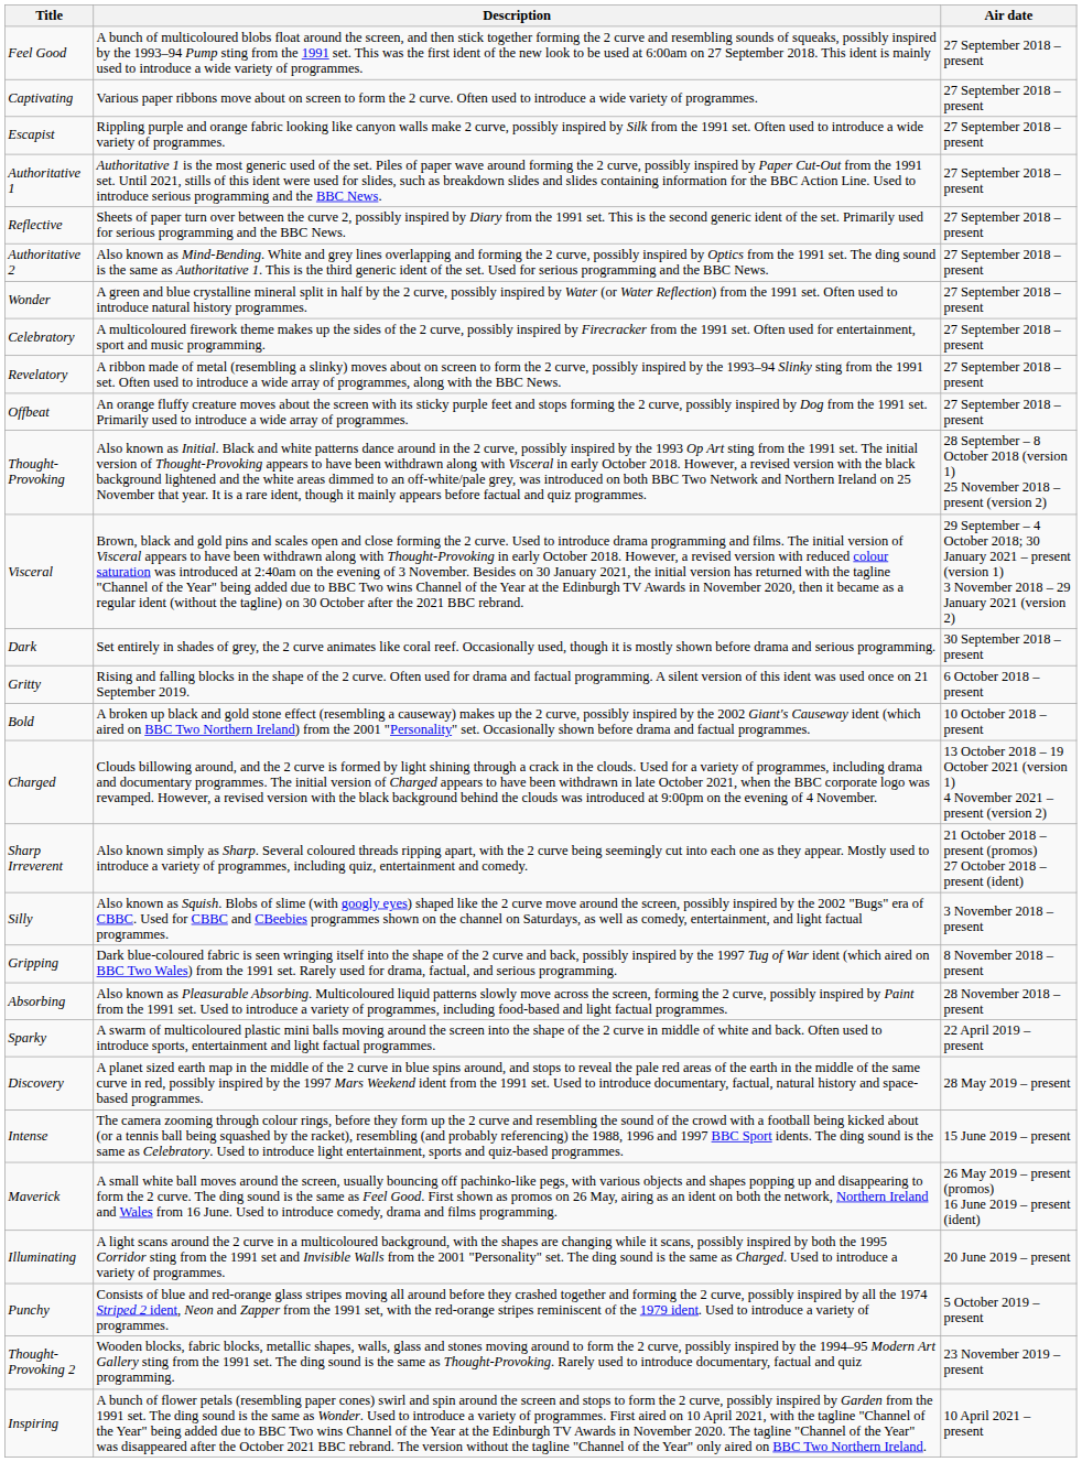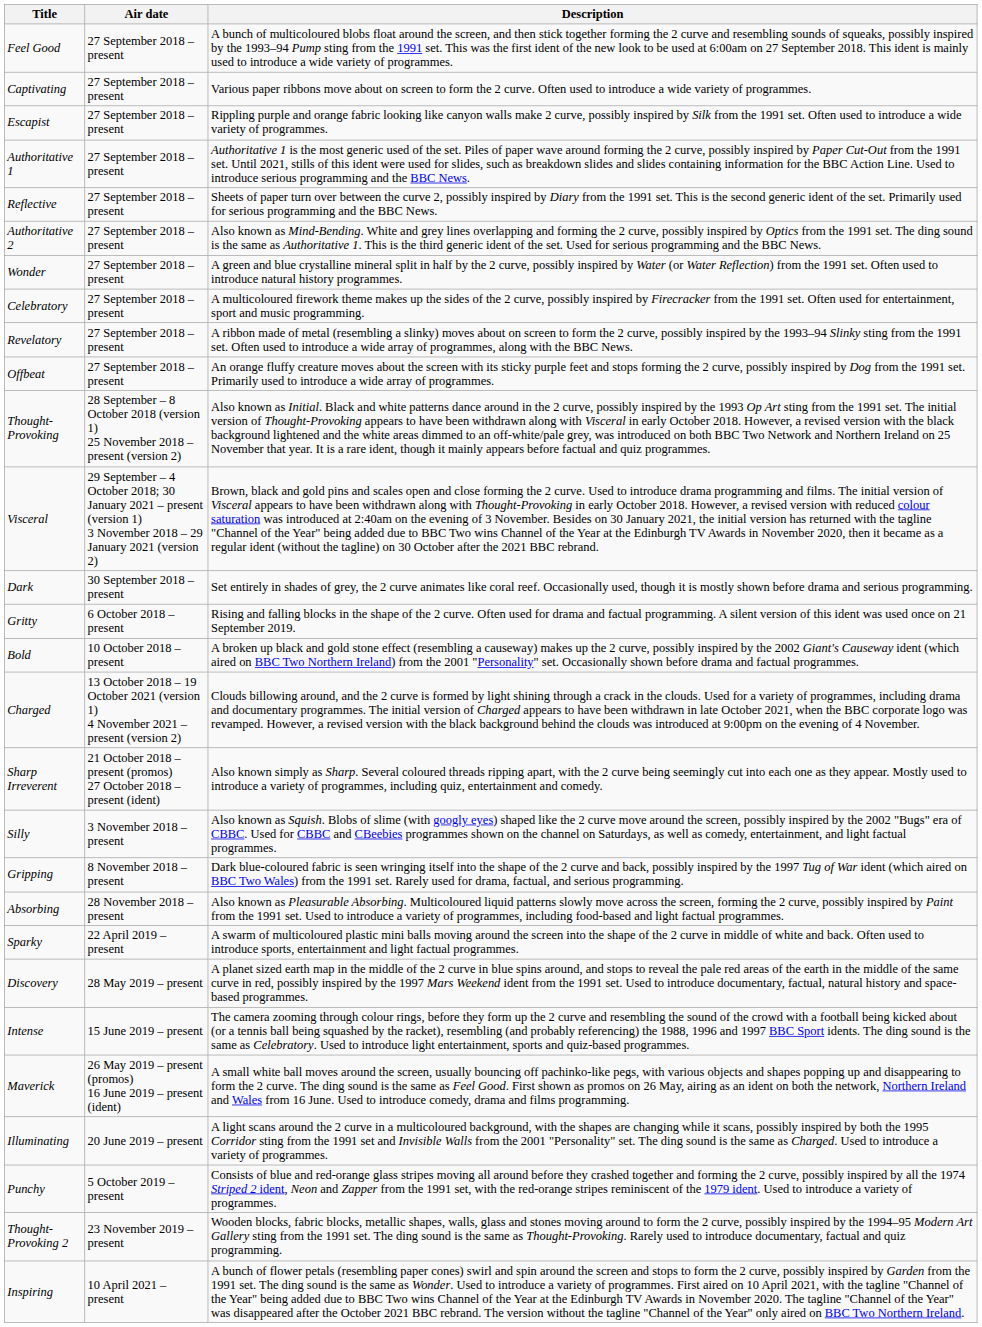 <table class="wikitable">
 <tr>
 <th>Title</th>
+<th>Air date</th>
 <th>Description</th>
-<th>Air date</th>
 </tr>
 <tr>
 <td><em>Feel Good</em></td>
+<td>27 September 2018 – present</td>
 <td>A bunch of multicoloured blobs float around the screen, and then stick together forming the 2 curve and resembling sounds of squeaks, possibly inspired by the 1993–94 <em>Pump</em> sting from the <a href='#'>1991</a> set. This was the first ident of the new look to be used at 6:00am on 27 September 2018. This ident is mainly used to introduce a wide variety of programmes.</td>
-<td>27 September 2018 – present</td>
 </tr>
 <tr>
 <td><em>Captivating</em></td>
+<td>27 September 2018 – present</td>
 <td>Various paper ribbons move about on screen to form the 2 curve. Often used to introduce a wide variety of programmes.</td>
-<td>27 September 2018 – present</td>
 </tr>
 <tr>
 <td><em>Escapist</em></td>
+<td>27 September 2018 – present</td>
 <td>Rippling purple and orange fabric looking like canyon walls make 2 curve, possibly inspired by <em>Silk</em> from the 1991 set. Often used to introduce a wide variety of programmes.</td>
-<td>27 September 2018 – present</td>
 </tr>
 <tr>
 <td><em>Authoritative 1</em></td>
+<td>27 September 2018 – present</td>
 <td><em>Authoritative 1</em> is the most generic used of the set. Piles of paper wave around forming the 2 curve, possibly inspired by <em>Paper Cut-Out</em> from the 1991 set. Until 2021, stills of this ident were used for slides, such as breakdown slides and slides containing information for the BBC Action Line. Used to introduce serious programming and the <a href='#'>BBC News</a>.</td>
-<td>27 September 2018 – present</td>
 </tr>
 <tr>
 <td><em>Reflective</em></td>
+<td>27 September 2018 – present</td>
 <td>Sheets of paper turn over between the curve 2, possibly inspired by <em>Diary</em> from the 1991 set. This is the second generic ident of the set. Primarily used for serious programming and the BBC News.</td>
-<td>27 September 2018 – present</td>
 </tr>
 <tr>
 <td><em>Authoritative 2</em></td>
+<td>27 September 2018 – present</td>
 <td>Also known as <em>Mind-Bending</em>. White and grey lines overlapping and forming the 2 curve, possibly inspired by <em>Optics</em> from the 1991 set. The ding sound is the same as <em>Authoritative 1</em>. This is the third generic ident of the set. Used for serious programming and the BBC News.</td>
-<td>27 September 2018 – present</td>
 </tr>
 <tr>
 <td><em>Wonder</em></td>
+<td>27 September 2018 – present</td>
 <td>A green and blue crystalline mineral split in half by the 2 curve, possibly inspired by <em>Water</em> (or <em>Water Reflection</em>) from the 1991 set. Often used to introduce natural history programmes.</td>
-<td>27 September 2018 – present</td>
 </tr>
 <tr>
 <td><em>Celebratory</em></td>
+<td>27 September 2018 – present</td>
 <td>A multicoloured firework theme makes up the sides of the 2 curve, possibly inspired by <em>Firecracker</em> from the 1991 set. Often used for entertainment, sport and music programming.</td>
-<td>27 September 2018 – present</td>
 </tr>
 <tr>
 <td><em>Revelatory</em></td>
+<td>27 September 2018 – present</td>
 <td>A ribbon made of metal (resembling a slinky) moves about on screen to form the 2 curve, possibly inspired by the 1993–94 <em>Slinky</em> sting from the 1991 set. Often used to introduce a wide array of programmes, along with the BBC News.</td>
-<td>27 September 2018 – present</td>
 </tr>
 <tr>
 <td><em>Offbeat</em></td>
+<td>27 September 2018 – present</td>
 <td>An orange fluffy creature moves about the screen with its sticky purple feet and stops forming the 2 curve, possibly inspired by <em>Dog</em> from the 1991 set. Primarily used to introduce a wide array of programmes.</td>
-<td>27 September 2018 – present</td>
 </tr>
 <tr>
 <td><em>Thought-Provoking</em></td>
+<td>28 September – 8 October 2018 (version 1)<br>25 November 2018 – present (version 2)</td>
 <td>Also known as <em>Initial</em>. Black and white patterns dance around in the 2 curve, possibly inspired by the 1993 <em>Op Art</em> sting from the 1991 set. The initial version of <em>Thought-Provoking</em> appears to have been withdrawn along with <em>Visceral</em> in early October 2018. However, a revised version with the black background lightened and the white areas dimmed to an off-white/pale grey, was introduced on both BBC Two Network and Northern Ireland on 25 November that year. It is a rare ident, though it mainly appears before factual and quiz programmes.</td>
-<td>28 September – 8 October 2018 (version 1)<br>25 November 2018 – present (version 2)</td>
 </tr>
 <tr>
 <td><em>Visceral</em></td>
+<td>29 September – 4 October 2018; 30 January 2021 – present (version 1)<br>3 November 2018 – 29 January 2021 (version 2)</td>
 <td>Brown, black and gold pins and scales open and close forming the 2 curve. Used to introduce drama programming and films. The initial version of <em>Visceral</em> appears to have been withdrawn along with <em>Thought-Provoking</em> in early October 2018. However, a revised version with reduced <a href='#'>colour saturation</a> was introduced at 2:40am on the evening of 3 November. Besides on 30 January 2021, the initial version has returned with the tagline "Channel of the Year" being added due to BBC Two wins Channel of the Year at the Edinburgh TV Awards in November 2020, then it became as a regular ident (without the tagline) on 30 October after the 2021 BBC rebrand.</td>
-<td>29 September – 4 October 2018; 30 January 2021 – present (version 1)<br>3 November 2018 – 29 January 2021 (version 2)</td>
 </tr>
 <tr>
 <td><em>Dark</em></td>
+<td>30 September 2018 – present</td>
 <td>Set entirely in shades of grey, the 2 curve animates like coral reef. Occasionally used, though it is mostly shown before drama and serious programming.</td>
-<td>30 September 2018 – present</td>
 </tr>
 <tr>
 <td><em>Gritty</em></td>
+<td>6 October 2018 – present</td>
 <td>Rising and falling blocks in the shape of the 2 curve. Often used for drama and factual programming. A silent version of this ident was used once on 21 September 2019.</td>
-<td>6 October 2018 – present</td>
 </tr>
 <tr>
 <td><em>Bold</em></td>
+<td>10 October 2018 – present</td>
 <td>A broken up black and gold stone effect (resembling a causeway) makes up the 2 curve, possibly inspired by the 2002 <em>Giant's Causeway</em> ident (which aired on <a href='#'>BBC Two Northern Ireland</a>) from the 2001 "<a href='#'>Personality</a>" set. Occasionally shown before drama and factual programmes.</td>
-<td>10 October 2018 – present</td>
 </tr>
 <tr>
 <td><em>Charged</em></td>
+<td>13 October 2018 – 19 October 2021 (version 1)<br>4 November 2021 – present (version 2)</td>
 <td>Clouds billowing around, and the 2 curve is formed by light shining through a crack in the clouds. Used for a variety of programmes, including drama and documentary programmes. The initial version of <em>Charged</em> appears to have been withdrawn in late October 2021, when the BBC corporate logo was revamped. However, a revised version with the black background behind the clouds was introduced at 9:00pm on the evening of 4 November.</td>
-<td>13 October 2018 – 19 October 2021 (version 1)<br>4 November 2021 – present (version 2)</td>
 </tr>
 <tr>
 <td><em>Sharp Irreverent</em></td>
+<td>21 October 2018 – present (promos)<br>27 October 2018 – present (ident)</td>
 <td>Also known simply as <em>Sharp</em>. Several coloured threads ripping apart, with the 2 curve being seemingly cut into each one as they appear. Mostly used to introduce a variety of programmes, including quiz, entertainment and comedy.</td>
-<td>21 October 2018 – present (promos)<br>27 October 2018 – present (ident)</td>
 </tr>
 <tr>
 <td><em>Silly</em></td>
+<td>3 November 2018 – present</td>
 <td>Also known as <em>Squish</em>. Blobs of slime (with <a href='#'>googly eyes</a>) shaped like the 2 curve move around the screen, possibly inspired by the 2002 "Bugs" era of <a href='#'>CBBC</a>. Used for <a href='#'>CBBC</a> and <a href='#'>CBeebies</a> programmes shown on the channel on Saturdays, as well as comedy, entertainment, and light factual programmes.</td>
-<td>3 November 2018 – present</td>
 </tr>
 <tr>
 <td><em>Gripping</em></td>
+<td>8 November 2018 – present</td>
 <td>Dark blue-coloured fabric is seen wringing itself into the shape of the 2 curve and back, possibly inspired by the 1997 <em>Tug of War</em> ident (which aired on <a href='#'>BBC Two Wales</a>) from the 1991 set. Rarely used for drama, factual, and serious programming.</td>
-<td>8 November 2018 – present</td>
 </tr>
 <tr>
 <td><em>Absorbing</em></td>
+<td>28 November 2018 – present</td>
 <td>Also known as <em>Pleasurable Absorbing</em>. Multicoloured liquid patterns slowly move across the screen, forming the 2 curve, possibly inspired by <em>Paint</em> from the 1991 set. Used to introduce a variety of programmes, including food-based and light factual programmes.</td>
-<td>28 November 2018 – present</td>
 </tr>
 <tr>
 <td><em>Sparky</em></td>
+<td>22 April 2019 – present</td>
 <td>A swarm of multicoloured plastic mini balls moving around the screen into the shape of the 2 curve in middle of white and back. Often used to introduce sports, entertainment and light factual programmes.</td>
-<td>22 April 2019 – present</td>
 </tr>
 <tr>
 <td><em>Discovery</em></td>
+<td>28 May 2019 – present</td>
 <td>A planet sized earth map in the middle of the 2 curve in blue spins around, and stops to reveal the pale red areas of the earth in the middle of the same curve in red, possibly inspired by the 1997 <em>Mars Weekend</em> ident from the 1991 set. Used to introduce documentary, factual, natural history and space-based programmes.</td>
-<td>28 May 2019 – present</td>
 </tr>
 <tr>
 <td><em>Intense</em></td>
+<td>15 June 2019 – present</td>
 <td>The camera zooming through colour rings, before they form up the 2 curve and resembling the sound of the crowd with a football being kicked about (or a tennis ball being squashed by the racket), resembling (and probably referencing) the 1988, 1996 and 1997 <a href='#'>BBC Sport</a> idents. The ding sound is the same as <em>Celebratory</em>. Used to introduce light entertainment, sports and quiz-based programmes.</td>
-<td>15 June 2019 – present</td>
 </tr>
 <tr>
 <td><em>Maverick</em></td>
+<td>26 May 2019 – present (promos)<br> 16 June 2019 – present (ident)</td>
 <td>A small white ball moves around the screen, usually bouncing off pachinko-like pegs, with various objects and shapes popping up and disappearing to form the 2 curve. The ding sound is the same as <em>Feel Good</em>. First shown as promos on 26 May, airing as an ident on both the network, <a href='#'>Northern Ireland</a> and <a href='#'>Wales</a> from 16 June. Used to introduce comedy, drama and films programming.</td>
-<td>26 May 2019 – present (promos)<br> 16 June 2019 – present (ident)</td>
 </tr>
 <tr>
 <td><em>Illuminating</em></td>
+<td>20 June 2019 – present</td>
 <td>A light scans around the 2 curve in a multicoloured background, with the shapes are changing while it scans, possibly inspired by both the 1995 <em>Corridor</em> sting from the 1991 set and <em>Invisible Walls</em> from the 2001 "Personality" set. The ding sound is the same as <em>Charged</em>. Used to introduce a variety of programmes.</td>
-<td>20 June 2019 – present</td>
 </tr>
 <tr>
 <td><em>Punchy</em></td>
+<td>5 October 2019 – present</td>
 <td>Consists of blue and red-orange glass stripes moving all around before they crashed together and forming the 2 curve, possibly inspired by all the 1974 <a href='#'><em>Striped 2</em> ident</a>, <em>Neon</em> and <em>Zapper</em> from the 1991 set, with the red-orange stripes reminiscent of the <a href='#'>1979 ident</a>. Used to introduce a variety of programmes.</td>
-<td>5 October 2019 – present</td>
 </tr>
 <tr>
 <td><em>Thought-Provoking 2</em></td>
+<td>23 November 2019 – present</td>
 <td>Wooden blocks, fabric blocks, metallic shapes, walls, glass and stones moving around to form the 2 curve, possibly inspired by the 1994–95 <em>Modern Art Gallery</em> sting from the 1991 set. The ding sound is the same as <em>Thought-Provoking</em>. Rarely used to introduce documentary, factual and quiz programming.</td>
-<td>23 November 2019 – present</td>
 </tr>
 <tr>
 <td><em>Inspiring</em></td>
+<td>10 April 2021 – present</td>
 <td>A bunch of flower petals (resembling paper cones) swirl and spin around the screen and stops to form the 2 curve, possibly inspired by <em>Garden</em> from the 1991 set. The ding sound is the same as <em>Wonder</em>. Used to introduce a variety of programmes. First aired on 10 April 2021, with the tagline "Channel of the Year" being added due to BBC Two wins Channel of the Year at the Edinburgh TV Awards in November 2020. The tagline "Channel of the Year" was disappeared after the October 2021 BBC rebrand. The version without the tagline "Channel of the Year" only aired on <a href='#'>BBC Two Northern Ireland</a>.</td>
-<td>10 April 2021 – present</td>
 </tr>
 </table>
